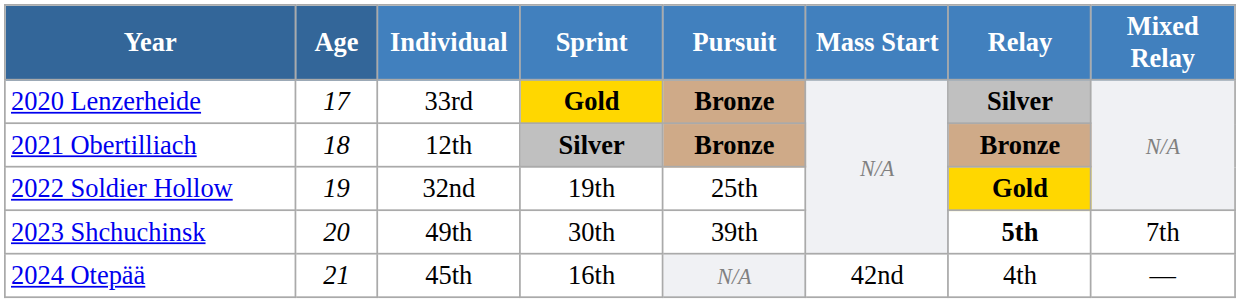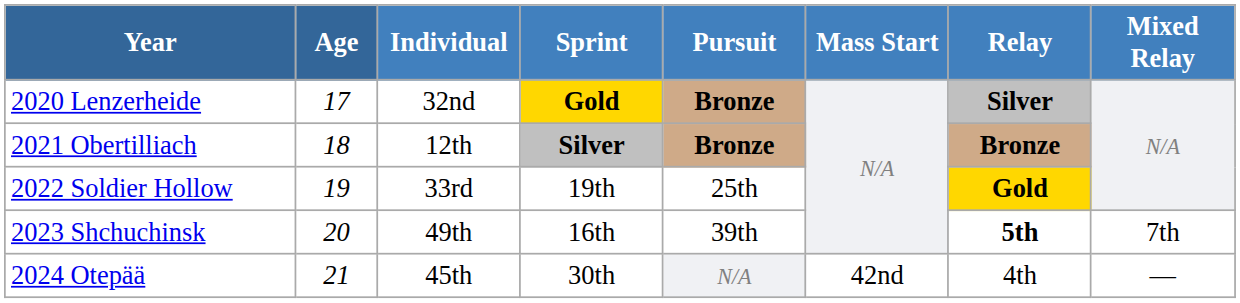 <table class="wikitable" style="font-size:95%; text-align:center; border:grey solid 1px; border-collapse:collapse; background:#ffffff;">
 <tr>
 <th style="background-color:#369; color:white;    width:160px;">Year</th>
 <th style="background-color:#369; color:white;    width:40px;">Age</th>
 <th style="background-color:#4180be; color:white; width:75px;">Individual</th>
 <th style="background-color:#4180be; color:white; width:75px;">Sprint</th>
 <th style="background-color:#4180be; color:white; width:75px;">Pursuit</th>
 <th style="background-color:#4180be; color:white; width:75px;">Mass Start</th>
 <th style="background-color:#4180be; color:white; width:75px;">Relay</th>
 <th style="background-color:#4180be; color:white; width:75px;">Mixed Relay</th>
 </tr>
 <tr>
 <td align=left> <a href='#'>2020 Lenzerheide</a></td>
 <td><em>17</em></td>
-<td>33rd</td>
+<td>32nd</td>
 <td style="background:gold;"><strong>Gold</strong></td>
 <td style="background:#cfaa88;"><strong>Bronze</strong></td>
 <td rowspan="4" style="background: #f0f1f4; color:gray; text-align:center;" class="table-na"><small><em>N/A</em></small></td>
 <td style="background:silver"><strong>Silver</strong></td>
 <td rowspan="3" style="background: #f0f1f4; color:gray; text-align:center;" class="table-na"><small><em>N/A</em></small></td>
 </tr>
 <tr>
 <td align=left> <a href='#'>2021 Obertilliach</a></td>
 <td><em>18</em></td>
 <td>12th</td>
 <td style="background:silver"><strong>Silver</strong></td>
 <td style="background:#cfaa88;"><strong>Bronze</strong></td>
 <td style="background:#cfaa88;"><strong>Bronze</strong></td>
 </tr>
 <tr>
 <td align=left> <a href='#'>2022 Soldier Hollow</a></td>
 <td><em>19</em></td>
-<td>32nd</td>
+<td>33rd</td>
 <td>19th</td>
 <td>25th</td>
 <td style="background:gold;"><strong>Gold</strong></td>
 </tr>
 <tr>
 <td align=left> <a href='#'>2023 Shchuchinsk</a></td>
 <td><em>20</em></td>
 <td>49th</td>
-<td>30th</td>
+<td>16th</td>
 <td>39th</td>
 <td><strong>5th</strong></td>
 <td>7th</td>
 </tr>
 <tr>
 <td align=left> <a href='#'>2024 Otepää</a></td>
 <td><em>21</em></td>
 <td>45th</td>
-<td>16th</td>
+<td>30th</td>
 <td style="background: #f0f1f4; color:gray; text-align:center;" class="table-na"><small><em>N/A</em></small></td>
 <td>42nd</td>
 <td>4th</td>
 <td>—</td>
 </tr>
 </table>
